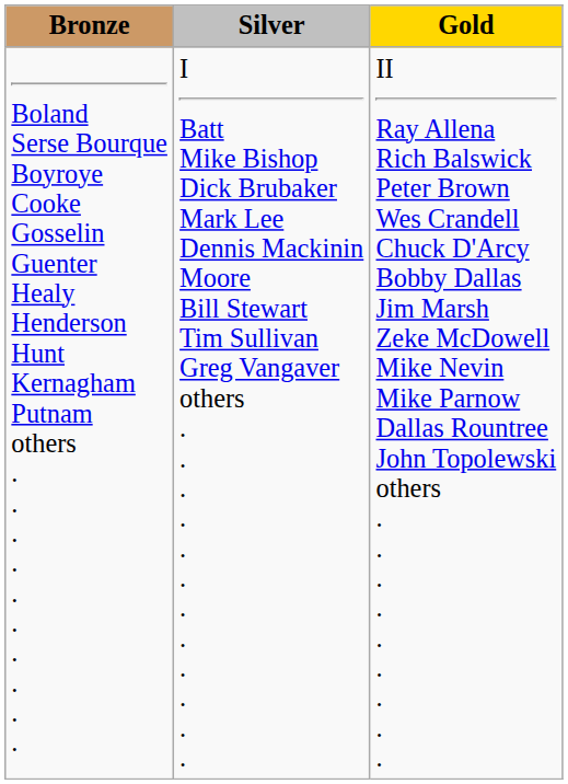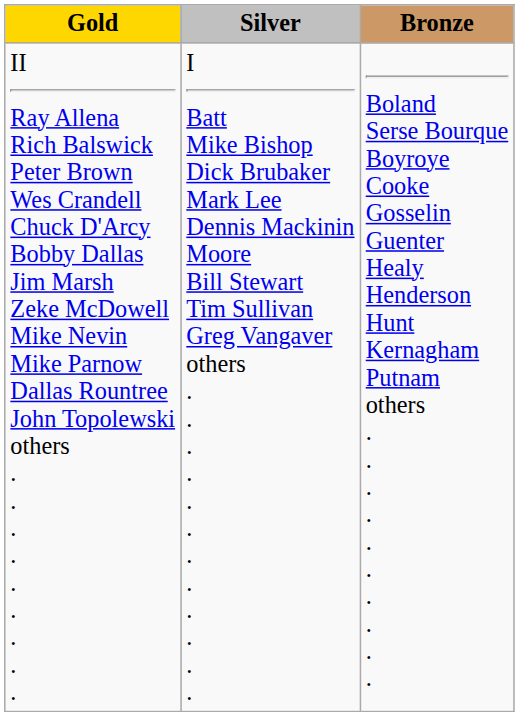 <table class="wikitable">
 <tr>
+<td style="text-align:center;background-color:gold;"><strong>Gold</strong></td>
+<td style="text-align:center;background-color:silver;"><strong>Silver</strong></td>
 <td style="text-align:center;background-color:#CC9966;"><strong>Bronze</strong></td>
-<td style="text-align:center;background-color:silver;"><strong>Silver</strong></td>
-<td style="text-align:center;background-color:gold;"><strong>Gold</strong></td>
 </tr>
 <tr>
+<td> II<hr><a href='#'>Ray Allena</a><br><a href='#'>Rich Balswick</a><br><a href='#'>Peter Brown</a><br><a href='#'>Wes Crandell</a><br><a href='#'>Chuck D'Arcy</a><br><a href='#'>Bobby Dallas</a><br><a href='#'>Jim Marsh</a><br><a href='#'>Zeke McDowell</a> <br><a href='#'>Mike Nevin</a><br><a href='#'>Mike Parnow</a><br><a href='#'>Dallas Rountree</a><br><a href='#'>John Topolewski</a><br>others<br>.<br>.<br>.<br>.<br>.<br>.<br>.<br>.<br>.<br></td>
+<td> I<hr><a href='#'> Batt</a><br><a href='#'>Mike Bishop</a><br><a href='#'>Dick Brubaker</a><br><a href='#'>Mark Lee</a><br><a href='#'>Dennis Mackinin</a><br><a href='#'> Moore</a><br><a href='#'>Bill Stewart</a><br><a href='#'>Tim Sullivan</a><br><a href='#'>Greg Vangaver</a><br>others<br>.<br>.<br>.<br>.<br>.<br>.<br>.<br>.<br>.<br>.<br>.<br>.<br></td>
 <td><hr><a href='#'> Boland</a><br><a href='#'>Serse Bourque</a><br><a href='#'> Boyroye</a><br><a href='#'> Cooke</a><br><a href='#'> Gosselin</a><br><a href='#'> Guenter</a><br><a href='#'> Healy</a><br><a href='#'> Henderson</a><br><a href='#'> Hunt</a><br><a href='#'> Kernagham</a><br><a href='#'> Putnam</a><br>others<br>.<br>.<br>.<br>.<br>.<br>.<br>.<br>.<br>.<br>.<br></td>
-<td> I<hr><a href='#'> Batt</a><br><a href='#'>Mike Bishop</a><br><a href='#'>Dick Brubaker</a><br><a href='#'>Mark Lee</a><br><a href='#'>Dennis Mackinin</a><br><a href='#'> Moore</a><br><a href='#'>Bill Stewart</a><br><a href='#'>Tim Sullivan</a><br><a href='#'>Greg Vangaver</a><br>others<br>.<br>.<br>.<br>.<br>.<br>.<br>.<br>.<br>.<br>.<br>.<br>.<br></td>
-<td> II<hr><a href='#'>Ray Allena</a><br><a href='#'>Rich Balswick</a><br><a href='#'>Peter Brown</a><br><a href='#'>Wes Crandell</a><br><a href='#'>Chuck D'Arcy</a><br><a href='#'>Bobby Dallas</a><br><a href='#'>Jim Marsh</a><br><a href='#'>Zeke McDowell</a> <br><a href='#'>Mike Nevin</a><br><a href='#'>Mike Parnow</a><br><a href='#'>Dallas Rountree</a><br><a href='#'>John Topolewski</a><br>others<br>.<br>.<br>.<br>.<br>.<br>.<br>.<br>.<br>.<br></td>
 </tr>
 </table>
